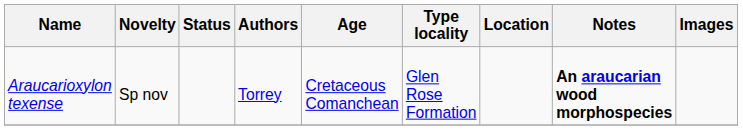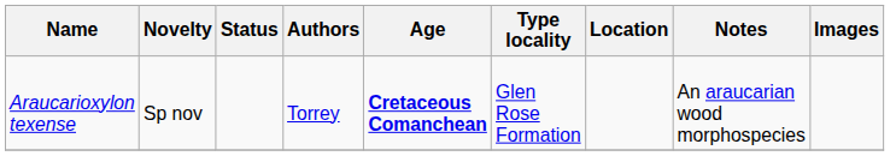 <table class="wikitable sortable" align="center" width="80%">
 <tr>
 <th>Name</th>
 <th>Novelty</th>
 <th>Status</th>
 <th>Authors</th>
 <th>Age</th>
 <th>Type locality</th>
 <th>Location</th>
 <th>Notes</th>
 <th>Images</th>
 </tr>
 <tr>
 <td><br><em><a href='#'>Araucarioxylon texense</a></em></td>
 <td><br>Sp nov</td>
 <td></td>
 <td><br><a href='#'>Torrey</a></td>
-<td><br><a href='#'>Cretaceous</a><br><a href='#'>Comanchean</a></td>
+<td><strong><br><a href='#'>Cretaceous</a><br><a href='#'>Comanchean</a></strong></td>
 <td><br><a href='#'>Glen Rose Formation</a></td>
 <td><br><br></td>
-<td><strong><br>An <a href='#'>araucarian</a> wood morphospecies</strong></td>
+<td><br>An <a href='#'>araucarian</a> wood morphospecies</td>
 <td><br></td>
 </tr>
 <tr>
 </tr>
 </table>
